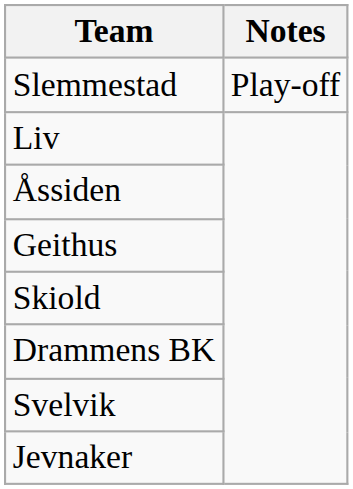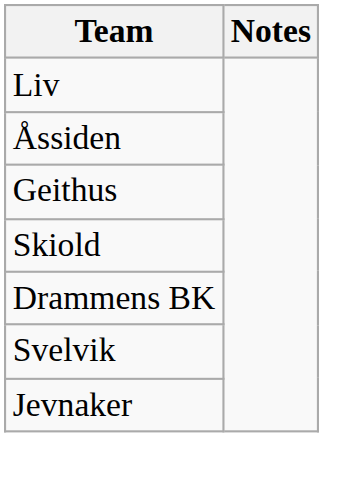 <table class="wikitable">
 <tr>
 <th>Team</th>
 <th>Notes</th>
-</tr>
-<tr>
-<td>Slemmestad</td>
-<td>Play-off</td>
 </tr>
 <tr>
 <td>Liv</td>
 </tr>
 <tr>
 <td>Åssiden</td>
 </tr>
 <tr>
 <td>Geithus</td>
 </tr>
 <tr>
 <td>Skiold</td>
 </tr>
 <tr>
 <td>Drammens BK</td>
 </tr>
 <tr>
 <td>Svelvik</td>
 </tr>
 <tr>
 <td>Jevnaker</td>
 </tr>
 </table>
